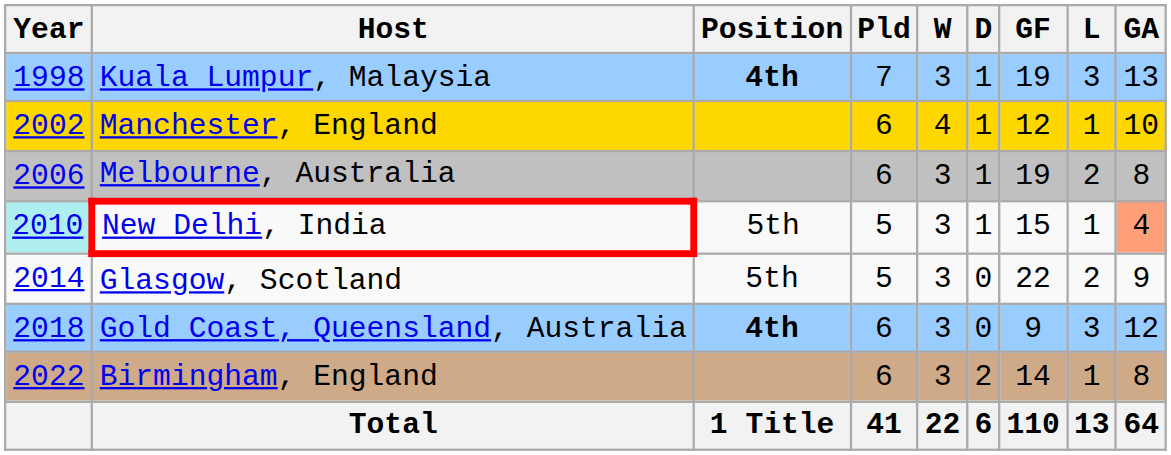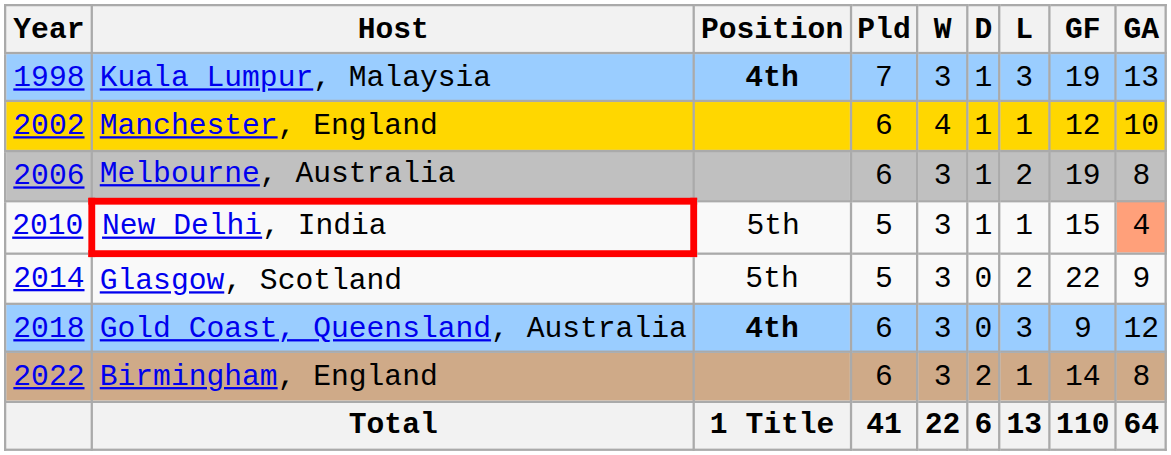 <table class="wikitable" style="text-align: center;">
 <tr>
 <th>Year</th>
 <th>Host</th>
 <th>Position</th>
 <th>Pld</th>
 <th>W</th>
 <th>D</th>
+<th>L</th>
 <th>GF</th>
-<th>L</th>
 <th>GA</th>
 </tr>
 <tr style="background:#9acdff;">
 <td><a href='#'>1998</a></td>
 <td align=left> <a href='#'>Kuala Lumpur</a>, Malaysia</td>
 <td><strong>4th</strong></td>
 <td>7</td>
 <td>3</td>
 <td>1</td>
+<td>3</td>
 <td>19</td>
-<td>3</td>
 <td>13</td>
 </tr>
 <tr bgcolor=Gold>
 <td><a href='#'>2002</a></td>
 <td align=left> <a href='#'>Manchester</a>, England</td>
 <td></td>
 <td>6</td>
 <td>4</td>
 <td>1</td>
+<td>1</td>
 <td>12</td>
-<td>1</td>
 <td>10</td>
 </tr>
 <tr bgcolor=Silver>
 <td><a href='#'>2006</a></td>
 <td align=left> <a href='#'>Melbourne</a>, Australia</td>
 <td></td>
 <td>6</td>
 <td>3</td>
 <td>1</td>
+<td>2</td>
 <td>19</td>
-<td>2</td>
 <td>8</td>
 </tr>
 <tr>
-<td style="background: paleturquoise;"><a href='#'>2010</a></td>
+<td><a href='#'>2010</a></td>
 <td align=left style="border: 3px solid red"> <a href='#'>New Delhi</a>, India</td>
 <td>5th</td>
 <td>5</td>
 <td>3</td>
 <td>1</td>
+<td>1</td>
 <td>15</td>
-<td>1</td>
 <td style="background: lightsalmon;">4</td>
 </tr>
 <tr>
 <td><a href='#'>2014</a></td>
 <td align=left> <a href='#'>Glasgow</a>, Scotland</td>
 <td>5th</td>
 <td>5</td>
 <td>3</td>
 <td>0</td>
+<td>2</td>
 <td>22</td>
-<td>2</td>
 <td>9</td>
 </tr>
 <tr style="background:#9acdff;">
 <td><a href='#'>2018</a></td>
 <td align=left> <a href='#'>Gold Coast, Queensland</a>, Australia</td>
 <td><strong>4th</strong></td>
 <td>6</td>
 <td>3</td>
 <td>0</td>
+<td>3</td>
 <td>9</td>
-<td>3</td>
 <td>12</td>
 </tr>
 <tr bgcolor=#CFAA88>
 <td><a href='#'>2022</a></td>
 <td align=left> <a href='#'>Birmingham</a>, England</td>
 <td></td>
 <td>6</td>
 <td>3</td>
 <td>2</td>
+<td>1</td>
 <td>14</td>
-<td>1</td>
 <td>8</td>
 </tr>
 <tr>
 <th></th>
 <th>Total</th>
 <th><strong>1 Title</strong></th>
 <th>41</th>
 <th>22</th>
 <th>6</th>
+<th>13</th>
 <th>110</th>
-<th>13</th>
 <th>64</th>
 </tr>
 </table>
